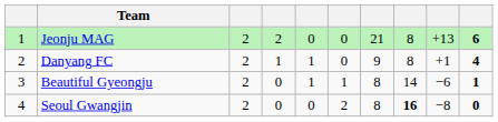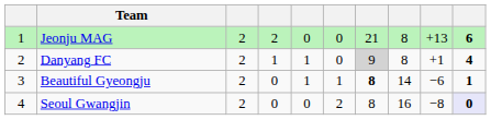 <table class="wikitable" style="text-align: center;">
 <tr>
 <th width=30></th>
 <th width=210>Team</th>
 <th width=30></th>
 <th width=30></th>
 <th width=30></th>
 <th width=30></th>
 <th width=30></th>
 <th width=30></th>
 <th width=30></th>
 <th width=30></th>
 </tr>
 <tr style="background:#BBF3BB">
 <td>1</td>
 <td style="text-align:left;"><a href='#'>Jeonju MAG</a></td>
 <td>2</td>
 <td>2</td>
 <td>0</td>
 <td>0</td>
 <td>21</td>
 <td>8</td>
 <td>+13</td>
 <td><strong>6</strong></td>
 </tr>
 <tr>
 <td>2</td>
 <td style="text-align:left;"><a href='#'>Danyang FC</a></td>
 <td>2</td>
 <td>1</td>
 <td>1</td>
 <td>0</td>
-<td>9</td>
+<td style="background: lightgrey;">9</td>
 <td>8</td>
 <td>+1</td>
 <td><strong>4</strong></td>
 </tr>
 <tr>
 <td>3</td>
 <td style="text-align:left;"><a href='#'>Beautiful Gyeongju</a></td>
 <td>2</td>
 <td>0</td>
 <td>1</td>
 <td>1</td>
-<td>8</td>
+<td><strong>8</strong></td>
 <td>14</td>
 <td>−6</td>
 <td><strong>1</strong></td>
 </tr>
 <tr>
 <td>4</td>
 <td style="text-align:left;"><a href='#'>Seoul Gwangjin</a></td>
 <td>2</td>
 <td>0</td>
 <td>0</td>
 <td>2</td>
 <td>8</td>
-<td><strong>16</strong></td>
+<td>16</td>
 <td>−8</td>
-<td><strong>0</strong></td>
+<td style="background: lavender;"><strong>0</strong></td>
 </tr>
 </table>
